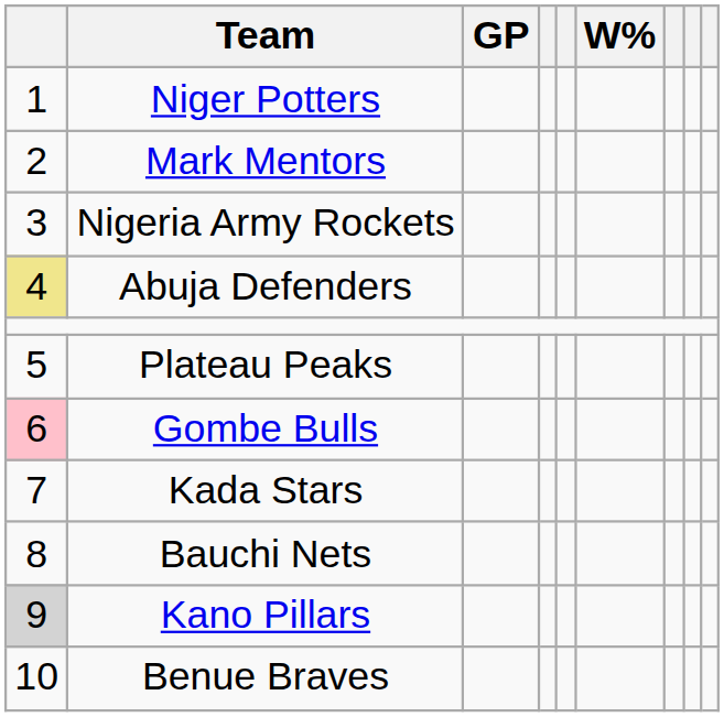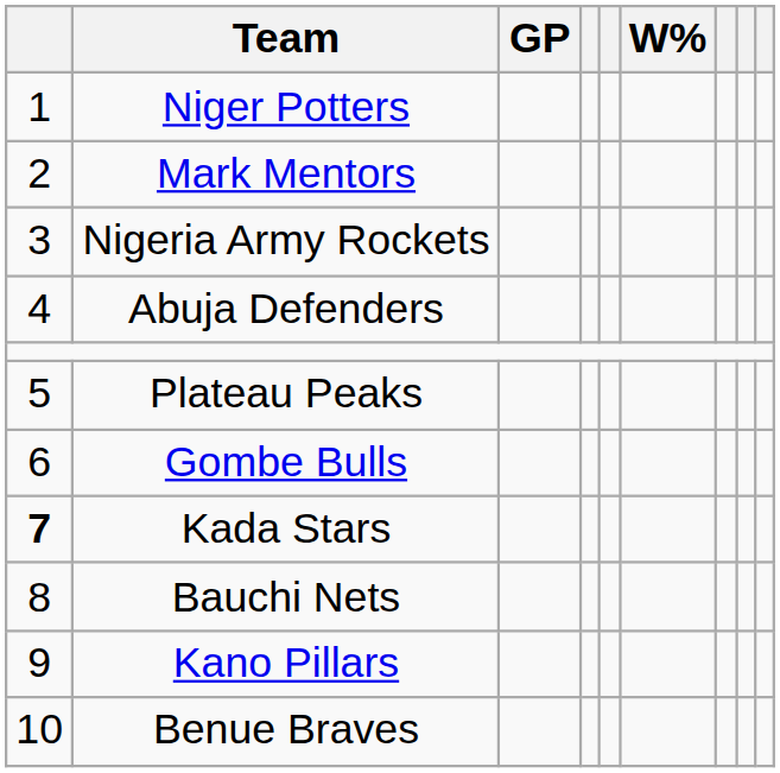 <table class="wikitable" style="text-align:center;">
 <tr>
 <th></th>
 <th>Team</th>
 <th>GP</th>
 <th></th>
 <th></th>
 <th>W%</th>
 <th></th>
 <th></th>
 <th></th>
 </tr>
 <tr>
 <td>1</td>
 <td><a href='#'>Niger Potters</a></td>
 <td></td>
 <td></td>
 <td></td>
 <td></td>
 <td></td>
 <td></td>
 <td></td>
 </tr>
 <tr>
 <td>2</td>
 <td><a href='#'>Mark Mentors</a></td>
 <td></td>
 <td></td>
 <td></td>
 <td></td>
 <td></td>
 <td></td>
 <td></td>
 </tr>
 <tr>
 <td>3</td>
 <td>Nigeria Army Rockets</td>
 <td></td>
 <td></td>
 <td></td>
 <td></td>
 <td></td>
 <td></td>
 <td></td>
 </tr>
 <tr>
-<td style="background: khaki;">4</td>
+<td>4</td>
 <td>Abuja Defenders</td>
 <td></td>
 <td></td>
 <td></td>
 <td></td>
 <td></td>
 <td></td>
 <td></td>
 </tr>
 <tr>
 <td colspan="9"></td>
 </tr>
 <tr>
 <td>5</td>
 <td>Plateau Peaks</td>
 <td></td>
 <td></td>
 <td></td>
 <td></td>
 <td></td>
 <td></td>
 <td></td>
 </tr>
 <tr>
-<td style="background: pink;">6</td>
+<td>6</td>
 <td><a href='#'>Gombe Bulls</a></td>
 <td></td>
 <td></td>
 <td></td>
 <td></td>
 <td></td>
 <td></td>
 <td></td>
 </tr>
 <tr>
-<td>7</td>
+<td><strong>7</strong></td>
 <td>Kada Stars</td>
 <td></td>
 <td></td>
 <td></td>
 <td></td>
 <td></td>
 <td></td>
 <td></td>
 </tr>
 <tr>
 <td>8</td>
 <td>Bauchi Nets</td>
 <td></td>
 <td></td>
 <td></td>
 <td></td>
 <td></td>
 <td></td>
 <td></td>
 </tr>
 <tr>
-<td style="background: lightgrey;">9</td>
+<td>9</td>
 <td><a href='#'>Kano Pillars</a></td>
 <td></td>
 <td></td>
 <td></td>
 <td></td>
 <td></td>
 <td></td>
 <td></td>
 </tr>
 <tr>
 <td>10</td>
 <td>Benue Braves</td>
 <td></td>
 <td></td>
 <td></td>
 <td></td>
 <td></td>
 <td></td>
 <td></td>
 </tr>
 </table>
